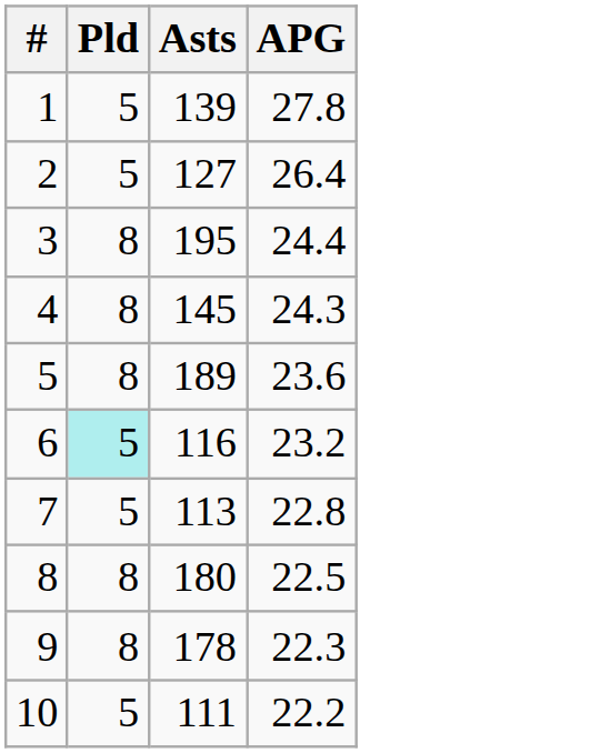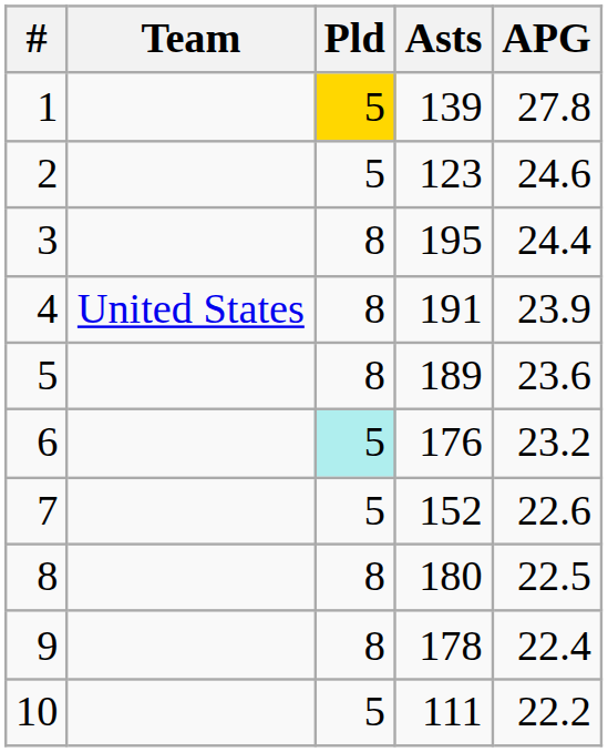 <table class=wikitable style="text-align:right; display:inline-table;">
 <tr>
 <th>#</th>
+<th>Team</th>
 <th>Pld</th>
 <th>Asts</th>
 <th>APG</th>
 </tr>
 <tr>
 <td>1</td>
-<td>5</td>
+<td align=left><strong></strong></td>
+<td style="background: gold;">5</td>
 <td>139</td>
 <td>27.8</td>
 </tr>
 <tr>
 <td>2</td>
+<td align=left></td>
 <td>5</td>
-<td>127</td>
-<td>26.4</td>
+<td>123</td>
+<td>24.6</td>
 </tr>
 <tr>
 <td>3</td>
+<td align=left></td>
 <td>8</td>
 <td>195</td>
 <td>24.4</td>
 </tr>
 <tr>
 <td>4</td>
+<td align=left> <a href='#'>United States</a></td>
 <td>8</td>
-<td>145</td>
-<td>24.3</td>
+<td>191</td>
+<td>23.9</td>
 </tr>
 <tr>
 <td>5</td>
+<td align=left></td>
 <td>8</td>
 <td>189</td>
 <td>23.6</td>
 </tr>
 <tr>
 <td>6</td>
+<td align=left></td>
 <td style="background: paleturquoise;">5</td>
-<td>116</td>
+<td>176</td>
 <td>23.2</td>
 </tr>
 <tr>
 <td>7</td>
+<td align=left></td>
 <td>5</td>
-<td>113</td>
-<td>22.8</td>
+<td>152</td>
+<td>22.6</td>
 </tr>
 <tr>
 <td>8</td>
+<td align=left></td>
 <td>8</td>
 <td>180</td>
 <td>22.5</td>
 </tr>
 <tr>
 <td>9</td>
+<td align=left></td>
 <td>8</td>
 <td>178</td>
-<td>22.3</td>
+<td>22.4</td>
 </tr>
 <tr>
 <td>10</td>
+<td align=left></td>
 <td>5</td>
 <td>111</td>
 <td>22.2</td>
 </tr>
 </table>
